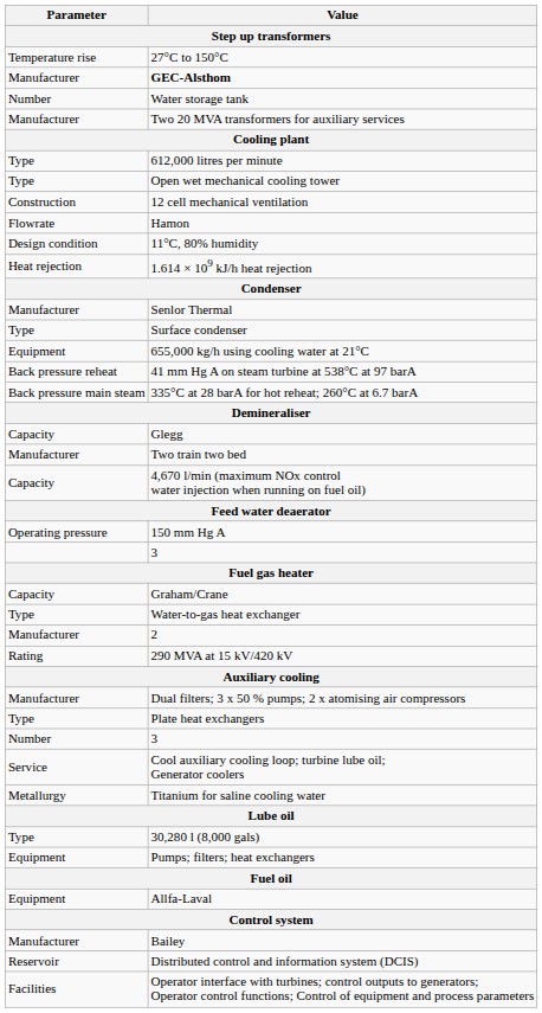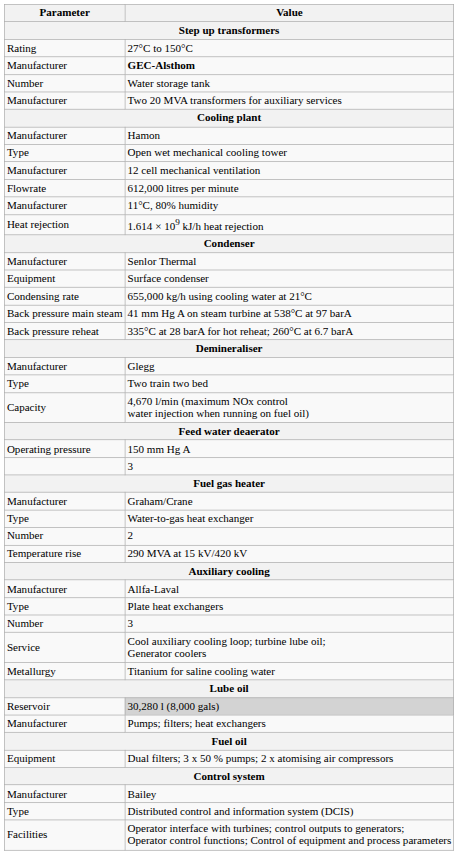 <table class="wikitable">
 <tr>
 <th>Parameter</th>
 <th>Value</th>
 </tr>
 <tr>
 <th colspan="2">Step up  transformers</th>
 </tr>
 <tr>
-<td>Temperature  rise</td>
+<td>Rating</td>
 <td>27°C  to 150°C</td>
 </tr>
 <tr>
 <td>Manufacturer</td>
 <td><strong>GEC-Alsthom</strong></td>
 </tr>
 <tr>
 <td>Number</td>
 <td>Water storage  tank</td>
 </tr>
 <tr>
 <td>Manufacturer</td>
 <td>Two 20 MVA  transformers for auxiliary services</td>
 </tr>
 <tr>
 <th colspan="2">Cooling plant</th>
 </tr>
 <tr>
-<td>Type</td>
-<td>612,000  litres per minute</td>
+<td>Manufacturer</td>
+<td>Hamon</td>
 </tr>
 <tr>
 <td>Type</td>
 <td>Open wet mechanical  cooling tower</td>
 </tr>
 <tr>
-<td>Construction</td>
+<td>Manufacturer</td>
 <td>12 cell  mechanical ventilation</td>
 </tr>
 <tr>
 <td>Flowrate</td>
-<td>Hamon</td>
+<td>612,000  litres per minute</td>
 </tr>
 <tr>
-<td>Design  condition</td>
+<td>Manufacturer</td>
 <td>11°C,  80% humidity</td>
 </tr>
 <tr>
 <td>Heat rejection</td>
 <td>1.614 ×  10<sup>9</sup> kJ/h heat rejection</td>
 </tr>
 <tr>
 <th colspan="2">Condenser</th>
 </tr>
 <tr>
 <td>Manufacturer</td>
 <td>Senlor  Thermal</td>
 </tr>
 <tr>
-<td>Type</td>
+<td>Equipment</td>
 <td>Surface  condenser</td>
 </tr>
 <tr>
-<td>Equipment</td>
+<td>Condensing  rate</td>
 <td>655,000 kg/h using  cooling water at 21°C</td>
 </tr>
 <tr>
-<td>Back pressure  reheat</td>
+<td>Back pressure  main steam</td>
 <td>41 mm Hg A on  steam turbine at 538°C at 97 barA</td>
 </tr>
 <tr>
-<td>Back pressure  main steam</td>
+<td>Back pressure  reheat</td>
 <td>335°C  at 28 barA for hot reheat; 260°C at 6.7 barA</td>
 </tr>
 <tr>
 <th colspan="2">Demineraliser</th>
 </tr>
 <tr>
-<td>Capacity</td>
+<td>Manufacturer</td>
 <td>Glegg</td>
 </tr>
 <tr>
-<td>Manufacturer</td>
+<td>Type</td>
 <td>Two train two  bed</td>
 </tr>
 <tr>
 <td>Capacity</td>
 <td>4,670 l/min  (maximum NOx control<br>water injection when running on fuel oil)</td>
 </tr>
 <tr>
 <th colspan="2">Feed water  deaerator</th>
 </tr>
 <tr>
 <td>Operating  pressure</td>
 <td>150 mm Hg A</td>
 </tr>
 <tr>
 <td></td>
 <td>3</td>
 </tr>
 <tr>
 <th colspan="2">Fuel gas  heater</th>
 </tr>
 <tr>
-<td>Capacity</td>
+<td>Manufacturer</td>
 <td>Graham/Crane</td>
 </tr>
 <tr>
 <td>Type</td>
 <td>Water-to-gas  heat exchanger</td>
 </tr>
 <tr>
-<td>Manufacturer</td>
+<td>Number</td>
 <td>2</td>
 </tr>
 <tr>
-<td>Rating</td>
+<td>Temperature  rise</td>
 <td>290 MVA at 15  kV/420 kV</td>
 </tr>
 <tr>
 <th colspan="2">Auxiliary  cooling</th>
 </tr>
 <tr>
 <td>Manufacturer</td>
-<td>Dual filters;  3 x 50 % pumps; 2 x atomising air compressors</td>
+<td>Allfa-Laval</td>
 </tr>
 <tr>
 <td>Type</td>
 <td>Plate heat  exchangers</td>
 </tr>
 <tr>
 <td>Number</td>
 <td>3</td>
 </tr>
 <tr>
 <td>Service</td>
 <td>Cool auxiliary  cooling loop; turbine lube oil;<br>Generator coolers</td>
 </tr>
 <tr>
 <td>Metallurgy</td>
 <td>Titanium for  saline cooling water</td>
 </tr>
 <tr>
 <th colspan="2">Lube oil</th>
 </tr>
 <tr>
-<td>Type</td>
-<td>30,280 l  (8,000 gals)</td>
+<td>Reservoir</td>
+<td style="background: lightgrey;">30,280 l  (8,000 gals)</td>
 </tr>
 <tr>
-<td>Equipment</td>
+<td>Manufacturer</td>
 <td>Pumps; filters;  heat exchangers</td>
 </tr>
 <tr>
 <th colspan="2">Fuel oil</th>
 </tr>
 <tr>
 <td>Equipment</td>
-<td>Allfa-Laval</td>
+<td>Dual filters;  3 x 50 % pumps; 2 x atomising air compressors</td>
 </tr>
 <tr>
 <th colspan="2">Control  system</th>
 </tr>
 <tr>
 <td>Manufacturer</td>
 <td>Bailey</td>
 </tr>
 <tr>
-<td>Reservoir</td>
+<td>Type</td>
 <td>Distributed  control and information system (DCIS)</td>
 </tr>
 <tr>
 <td>Facilities</td>
 <td>Operator  interface with turbines; control outputs to generators;<br>Operator  control functions; Control of equipment and process parameters</td>
 </tr>
 </table>
